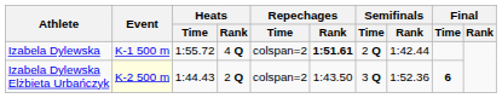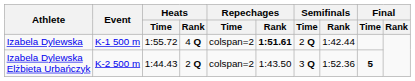 <table class="wikitable" style="font-size:90%">
 <tr>
 <th rowspan=2>Athlete</th>
 <th rowspan=2>Event</th>
 <th colspan=2>Heats</th>
 <th colspan=2>Repechages</th>
 <th colspan=2>Semifinals</th>
 <th colspan=2>Final</th>
 </tr>
 <tr style="font-size:95%">
 <th>Time</th>
 <th>Rank</th>
 <th>Time</th>
 <th>Rank</th>
 <th>Time</th>
 <th>Rank</th>
 <th>Time</th>
 <th>Rank</th>
 </tr>
 <tr align=center>
 <td align=left><a href='#'>Izabela Dylewska</a></td>
 <td align=left><a href='#'>K-1 500 m</a></td>
 <td>1:55.72</td>
 <td>4 <strong>Q</strong></td>
 <td>colspan=2 </td>
 <td><strong>1:51.61</strong></td>
 <td>2 <strong>Q</strong></td>
 <td>1:42.44</td>
 <td></td>
 </tr>
 <tr align=center>
 <td align=left><a href='#'>Izabela Dylewska</a><br><a href='#'>Elżbieta Urbańczyk</a></td>
-<td align=left style="background: lightyellow;"><a href='#'>K-2 500 m</a></td>
+<td align=left><a href='#'>K-2 500 m</a></td>
 <td>1:44.43</td>
 <td>2 <strong>Q</strong></td>
 <td>colspan=2 </td>
 <td>1:43.50</td>
 <td>3 <strong>Q</strong></td>
 <td>1:52.36</td>
-<td><strong>6</strong></td>
+<td><strong>5</strong></td>
 </tr>
 </table>
